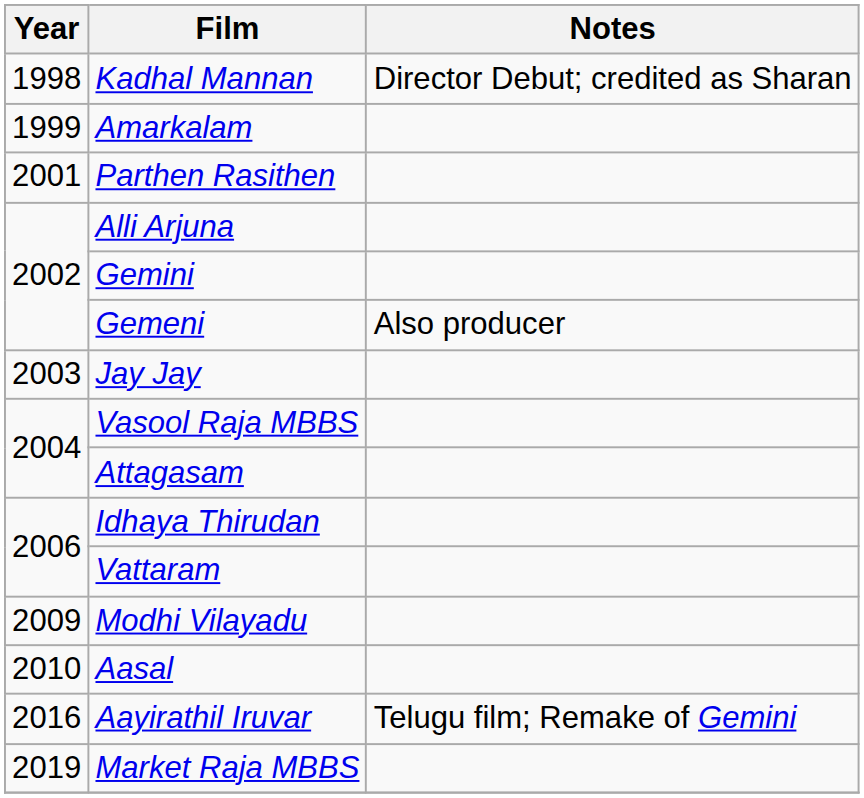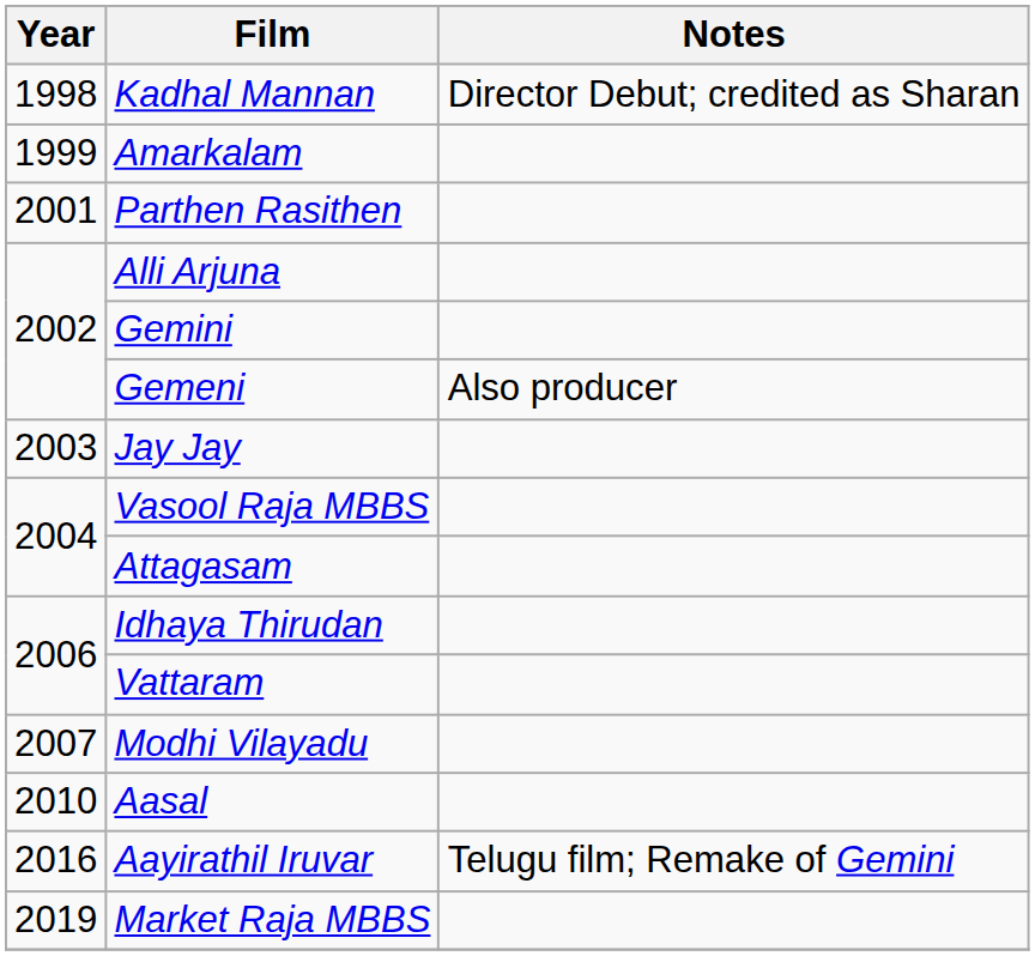 <table class="wikitable sortable">
 <tr>
 <th rowspan="2">Year</th>
 <th rowspan="2">Film</th>
 <th rowspan="2">Notes</th>
 </tr>
 <tr>
 </tr>
 <tr>
 <td>1998</td>
 <td><em><a href='#'>Kadhal Mannan</a></em></td>
 <td>Director Debut; credited as Sharan</td>
 </tr>
 <tr>
 <td>1999</td>
 <td><em><a href='#'>Amarkalam</a></em></td>
 <td></td>
 </tr>
 <tr>
 <td>2001</td>
 <td><em><a href='#'>Parthen Rasithen</a></em></td>
 <td></td>
 </tr>
 <tr>
 <td rowspan="3">2002</td>
 <td><em><a href='#'>Alli Arjuna</a></em></td>
 <td></td>
 </tr>
 <tr>
 <td><em><a href='#'>Gemini</a></em></td>
 <td></td>
 </tr>
 <tr>
 <td><em><a href='#'>Gemeni</a></em></td>
 <td>Also producer</td>
 </tr>
 <tr>
 <td>2003</td>
 <td><em><a href='#'>Jay Jay</a></em></td>
 <td></td>
 </tr>
 <tr>
 <td rowspan="2">2004</td>
 <td><em><a href='#'>Vasool Raja MBBS</a></em></td>
 <td></td>
 </tr>
 <tr>
 <td><em><a href='#'>Attagasam</a></em></td>
 <td></td>
 </tr>
 <tr>
 <td rowspan="2">2006</td>
 <td><em><a href='#'>Idhaya Thirudan</a></em></td>
 <td></td>
 </tr>
 <tr>
 <td><em><a href='#'>Vattaram</a></em></td>
 <td></td>
 </tr>
 <tr>
-<td>2009</td>
+<td>2007</td>
 <td><em><a href='#'>Modhi Vilayadu</a></em></td>
 <td></td>
 </tr>
 <tr>
 <td>2010</td>
 <td><em><a href='#'>Aasal</a></em></td>
 <td></td>
 </tr>
 <tr>
 <td>2016</td>
 <td><em><a href='#'>Aayirathil Iruvar</a></em></td>
 <td>Telugu film; Remake of <em><a href='#'>Gemini</a></em></td>
 </tr>
 <tr>
 <td>2019</td>
 <td><em><a href='#'>Market Raja MBBS</a></em></td>
 <td></td>
 </tr>
 <tr>
 </tr>
 </table>
